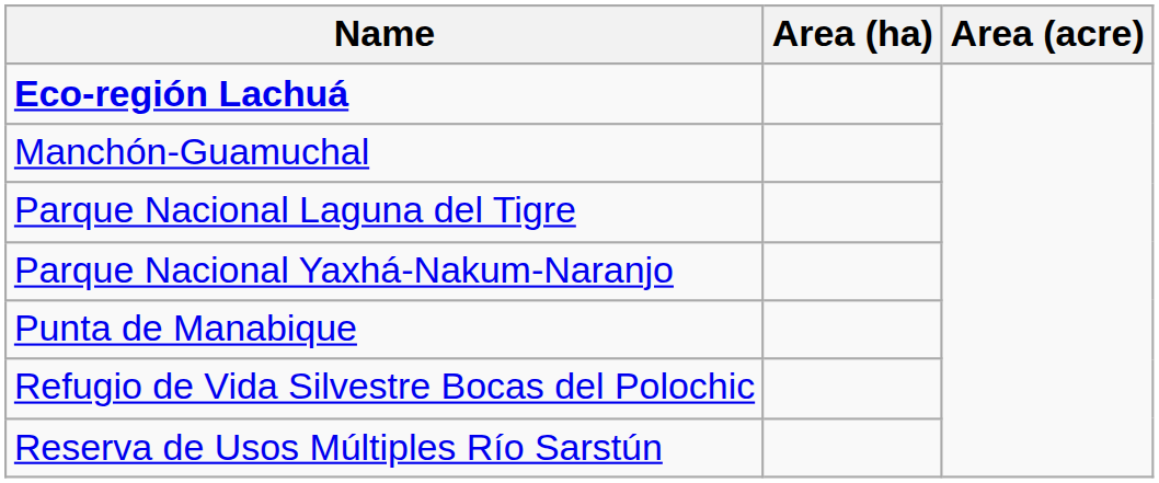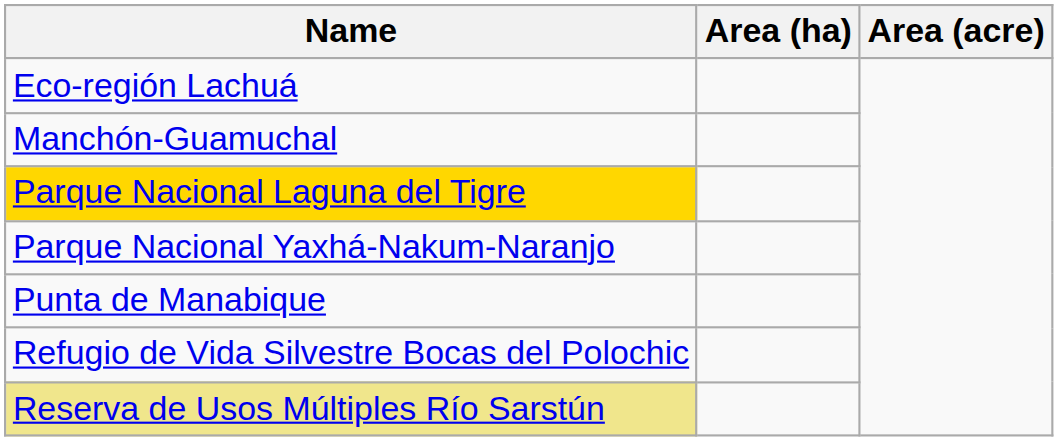 <table class="wikitable sortable">
 <tr>
 <th scope="col" align=left>Name</th>
 <th scope="col">Area (ha)</th>
 <th scope="col">Area (acre)</th>
 </tr>
 <tr ---->
-<td><strong><a href='#'>Eco-región Lachuá</a></strong></td>
+<td><a href='#'>Eco-región Lachuá</a></td>
 <td></td>
 </tr>
 <tr ---->
 <td><a href='#'>Manchón-Guamuchal</a></td>
 <td></td>
 </tr>
 <tr ---->
-<td><a href='#'>Parque Nacional Laguna del Tigre</a></td>
+<td style="background: gold;"><a href='#'>Parque Nacional Laguna del Tigre</a></td>
 <td></td>
 </tr>
 <tr ---->
 <td><a href='#'>Parque Nacional Yaxhá-Nakum-Naranjo</a></td>
 <td></td>
 </tr>
 <tr ---->
 <td><a href='#'>Punta de Manabique</a></td>
 <td></td>
 </tr>
 <tr ---->
 <td><a href='#'>Refugio de Vida Silvestre Bocas del Polochic</a></td>
 <td></td>
 </tr>
 <tr ---->
-<td><a href='#'>Reserva de Usos Múltiples Río Sarstún</a></td>
+<td style="background: khaki;"><a href='#'>Reserva de Usos Múltiples Río Sarstún</a></td>
 <td></td>
 </tr>
 </table>
